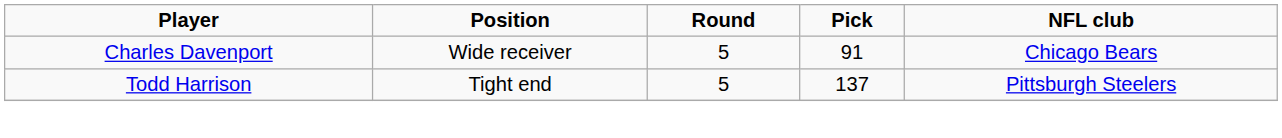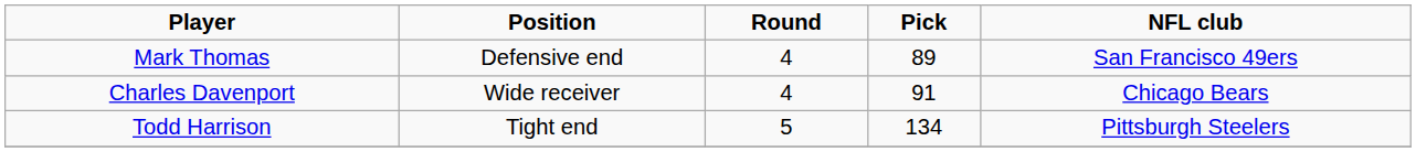 <table class="wikitable" width="80%">
 <tr align="center">
 <td><strong>Player</strong></td>
 <td><strong>Position</strong></td>
 <td><strong>Round</strong></td>
 <td><strong>Pick</strong></td>
 <td><strong>NFL club</strong></td>
 </tr>
 <tr align="center" bgcolor="">
+<td><a href='#'>Mark Thomas</a></td>
+<td>Defensive end</td>
+<td>4</td>
+<td>89</td>
+<td><a href='#'>San Francisco 49ers</a></td>
+</tr>
+<tr align="center" bgcolor="">
 <td><a href='#'>Charles Davenport</a></td>
 <td>Wide receiver</td>
-<td>5</td>
+<td>4</td>
 <td>91</td>
 <td><a href='#'>Chicago Bears</a></td>
 </tr>
 <tr align="center" bgcolor="">
 <td><a href='#'>Todd Harrison</a></td>
 <td>Tight end</td>
 <td>5</td>
-<td>137</td>
+<td>134</td>
 <td><a href='#'>Pittsburgh Steelers</a></td>
 </tr>
 <tr align="center" bgcolor="">
 </tr>
 </table>
